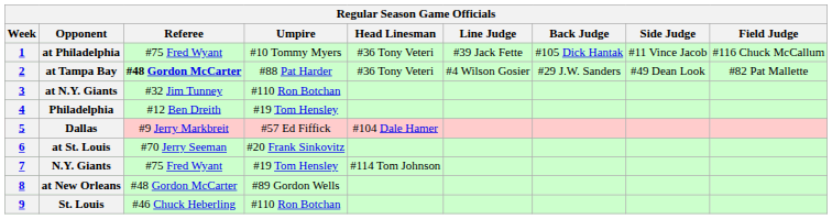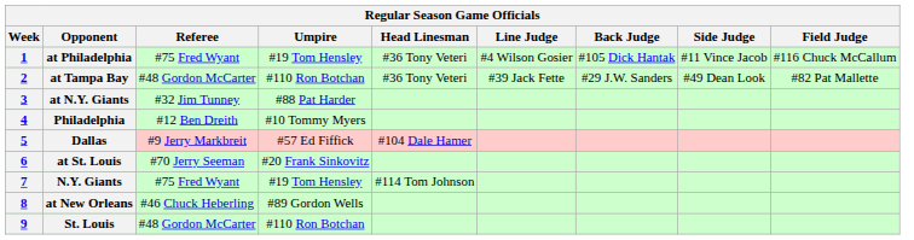 <table class="wikitable" style="text-align:center">
 <tr>
 <th colspan="9">Regular Season Game Officials</th>
 </tr>
 <tr>
 <th>Week</th>
 <th>Opponent</th>
 <th>Referee</th>
 <th>Umpire</th>
 <th>Head Linesman</th>
 <th>Line Judge</th>
 <th>Back Judge</th>
 <th>Side Judge</th>
 <th>Field Judge</th>
 </tr>
 <tr style="background:#cfc">
 <th><a href='#'>1</a></th>
 <th>at Philadelphia</th>
 <td>#75 <a href='#'>Fred Wyant</a></td>
-<td>#10 Tommy Myers</td>
+<td>#19 <a href='#'>Tom Hensley</a></td>
 <td>#36 Tony Veteri</td>
-<td>#39 Jack Fette</td>
+<td>#4 Wilson Gosier</td>
 <td>#105 <a href='#'>Dick Hantak</a></td>
 <td>#11 Vince Jacob</td>
 <td>#116 Chuck McCallum</td>
 </tr>
 <tr style="background:#cfc">
 <th><a href='#'>2</a></th>
 <th>at Tampa Bay</th>
-<td><strong>#48 <a href='#'>Gordon McCarter</a></strong></td>
-<td>#88 <a href='#'>Pat Harder</a></td>
+<td>#48 <a href='#'>Gordon McCarter</a></td>
+<td>#110 <a href='#'>Ron Botchan</a></td>
 <td>#36 Tony Veteri</td>
-<td>#4 Wilson Gosier</td>
+<td>#39 Jack Fette</td>
 <td>#29 J.W. Sanders</td>
 <td>#49 Dean Look</td>
 <td>#82 Pat Mallette</td>
 </tr>
 <tr style="background:#cfc">
 <th><a href='#'>3</a></th>
 <th>at N.Y. Giants</th>
 <td>#32 <a href='#'>Jim Tunney</a></td>
-<td>#110 <a href='#'>Ron Botchan</a></td>
+<td>#88 <a href='#'>Pat Harder</a></td>
 <td></td>
 <td></td>
 <td></td>
 <td></td>
 <td></td>
 </tr>
 <tr style="background:#cfc">
 <th><a href='#'>4</a></th>
 <th>Philadelphia</th>
 <td>#12 <a href='#'>Ben Dreith</a></td>
-<td>#19 <a href='#'>Tom Hensley</a></td>
+<td>#10 Tommy Myers</td>
 <td></td>
 <td></td>
 <td></td>
 <td></td>
 <td></td>
 </tr>
 <tr style="background:#fcc">
 <th><a href='#'>5</a></th>
 <th>Dallas</th>
 <td>#9 <a href='#'>Jerry Markbreit</a></td>
 <td>#57 Ed Fiffick</td>
 <td>#104 <a href='#'>Dale Hamer</a></td>
 <td></td>
 <td></td>
 <td></td>
 <td></td>
 </tr>
 <tr style="background:#cfc">
 <th><a href='#'>6</a></th>
 <th>at St. Louis</th>
 <td>#70 <a href='#'>Jerry Seeman</a></td>
 <td>#20 <a href='#'>Frank Sinkovitz</a></td>
 <td></td>
 <td></td>
 <td></td>
 <td></td>
 <td></td>
 </tr>
 <tr style="background:#cfc">
 <th><a href='#'>7</a></th>
 <th>N.Y. Giants</th>
 <td>#75 <a href='#'>Fred Wyant</a></td>
 <td>#19 <a href='#'>Tom Hensley</a></td>
 <td>#114 Tom Johnson</td>
 <td></td>
 <td></td>
 <td></td>
 <td></td>
 </tr>
 <tr style="background:#cfc">
 <th><a href='#'>8</a></th>
 <th>at New Orleans</th>
-<td>#48 <a href='#'>Gordon McCarter</a></td>
+<td>#46 <a href='#'>Chuck Heberling</a></td>
 <td>#89 Gordon Wells</td>
 <td></td>
 <td></td>
 <td></td>
 <td></td>
 <td></td>
 </tr>
 <tr style="background:#cfc">
 <th><a href='#'>9</a></th>
 <th>St. Louis</th>
-<td>#46 <a href='#'>Chuck Heberling</a></td>
+<td>#48 <a href='#'>Gordon McCarter</a></td>
 <td>#110 <a href='#'>Ron Botchan</a></td>
 <td></td>
 <td></td>
 <td></td>
 <td></td>
 <td></td>
 </tr>
 </table>
